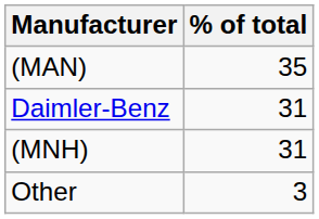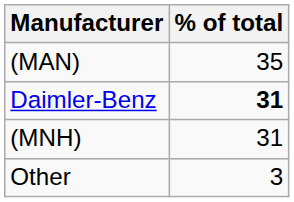 <table class="wikitable">
 <tr>
 <th style="text-align:left;">Manufacturer</th>
 <th style="text-align:right;">% of total</th>
 </tr>
 <tr>
 <td> (MAN)</td>
 <td style="text-align:right;">35</td>
 </tr>
 <tr>
 <td><a href='#'>Daimler-Benz</a></td>
-<td style="text-align:right;">31</td>
+<td style="text-align:right;"><strong>31</strong></td>
 </tr>
 <tr>
 <td> (MNH)</td>
 <td style="text-align:right;">31</td>
 </tr>
 <tr>
 <td>Other</td>
 <td style="text-align:right;">3</td>
 </tr>
 </table>
